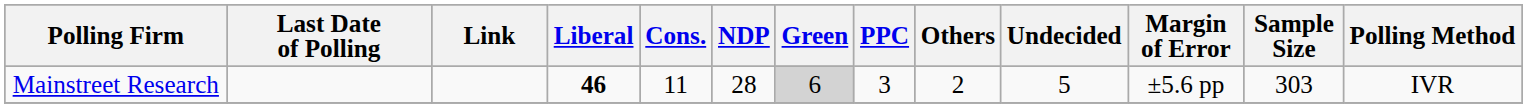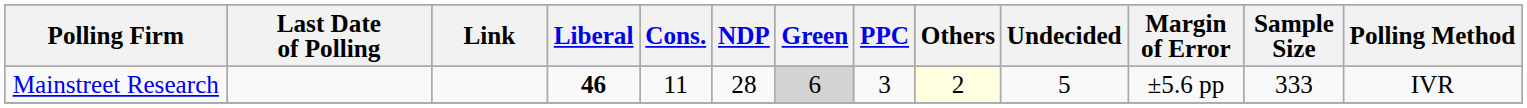 <table class="wikitable sortable" style="text-align:center;font-size:90%;line-height:14px;">
 <tr style="background:#e9e9e9;">
 <th style="width:120px">Polling Firm</th>
 <th style="width:110px">Last Date<br>of Polling</th>
 <th style="width:60px" class="unsortable">Link</th>
 <th style="background-color:"><a href='#'>Liberal</a></th>
 <th style="background-color:"><a href='#'>Cons.</a></th>
 <th style="background-color:"><a href='#'>NDP</a></th>
 <th style="background-color:"><a href='#'>Green</a></th>
 <th style="background-color:"><a href='#'><span>PPC</span></a></th>
 <th style="background-color:">Others</th>
 <th style="background-color:">Undecided</th>
 <th style="width:60px;" class=unsortable>Margin<br>of Error</th>
 <th style="width:50px;" class=unsortable>Sample<br>Size</th>
 <th class=unsortable>Polling Method</th>
 </tr>
 <tr>
 <td><a href='#'>Mainstreet Research</a></td>
 <td></td>
 <td></td>
 <td><strong>46</strong></td>
 <td>11</td>
 <td>28</td>
 <td style="background: lightgrey;">6</td>
 <td>3</td>
-<td>2</td>
+<td style="background: lightyellow;">2</td>
 <td>5</td>
 <td>±5.6 pp</td>
-<td>303</td>
+<td>333</td>
 <td>IVR</td>
 </tr>
 <tr>
 </tr>
 </table>
